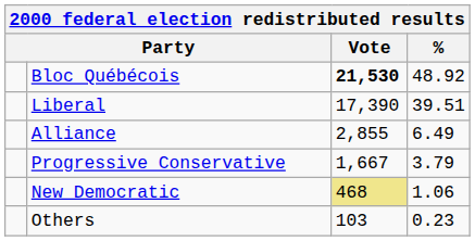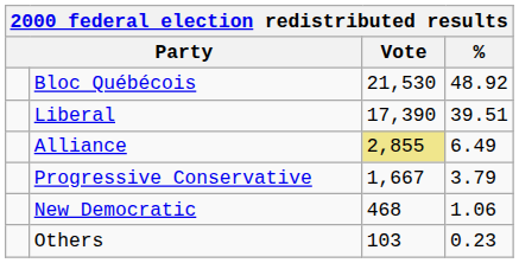 <table class="wikitable">
 <tr>
 <th colspan="4"><a href='#'>2000 federal election</a> redistributed results</th>
 </tr>
 <tr>
 <th bgcolor="#DDDDFF" width="230px" colspan="2">Party</th>
 <th bgcolor="#DDDDFF" width="50px">Vote</th>
 <th bgcolor="#DDDDFF" width="30px">%</th>
 </tr>
 <tr>
 <td> </td>
 <td><a href='#'>Bloc Québécois</a></td>
-<td><strong>21,530</strong></td>
+<td>21,530</td>
 <td>48.92</td>
 </tr>
 <tr>
 <td> </td>
 <td><a href='#'>Liberal</a></td>
 <td>17,390</td>
 <td>39.51</td>
 </tr>
 <tr>
 <td> </td>
 <td><a href='#'>Alliance</a></td>
-<td>2,855</td>
+<td style="background: khaki;">2,855</td>
 <td>6.49</td>
 </tr>
 <tr>
 <td> </td>
 <td><a href='#'>Progressive Conservative</a></td>
 <td>1,667</td>
 <td>3.79</td>
 </tr>
 <tr>
 <td> </td>
 <td><a href='#'>New Democratic</a></td>
-<td style="background: khaki;">468</td>
+<td>468</td>
 <td>1.06</td>
 </tr>
 <tr>
 <td> </td>
 <td>Others</td>
 <td>103</td>
 <td>0.23</td>
 </tr>
 </table>
